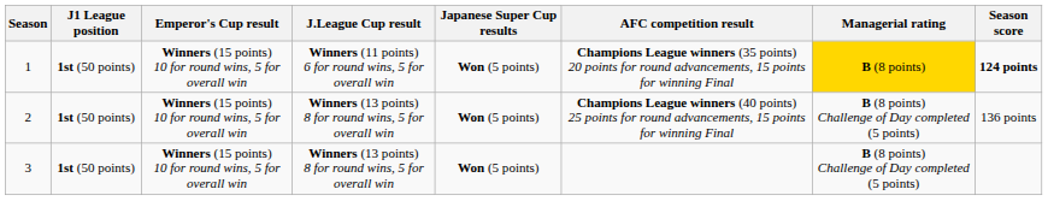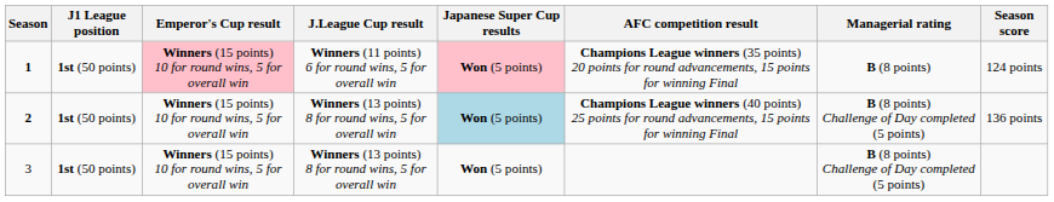 <table class="wikitable" style="text-align:center">
 <tr>
 <th>Season</th>
 <th>J1 League position</th>
 <th>Emperor's Cup result</th>
 <th>J.League Cup result</th>
 <th><strong>Japanese Super Cup results</strong></th>
 <th>AFC competition result</th>
 <th>Managerial rating</th>
 <th>Season score</th>
 </tr>
 <tr>
-<td>1</td>
+<td><strong>1</strong></td>
 <td><strong>1st</strong> (50 points)</td>
-<td><strong>Winners</strong> (15 points)<br><em>10 for round wins, 5 for overall win</em></td>
+<td style="background: pink;"><strong>Winners</strong> (15 points)<br><em>10 for round wins, 5 for overall win</em></td>
 <td><strong>Winners</strong> (11 points)<br><em>6 for round wins, 5 for overall win</em></td>
-<td><strong>Won</strong> (5 points)</td>
+<td style="background: pink;"><strong>Won</strong> (5 points)</td>
 <td><strong>Champions League winners</strong> (35 points)<br><em>20 points for round advancements, 15 points for winning Final</em></td>
-<td style="background: gold;"><strong>B</strong> (8 points)</td>
-<td><strong>124 points</strong></td>
+<td><strong>B</strong> (8 points)</td>
+<td>124 points</td>
 </tr>
 <tr>
-<td>2</td>
+<td><strong>2</strong></td>
 <td><strong>1st</strong> (50 points)</td>
 <td><strong>Winners</strong> (15 points)<br><em>10 for round wins, 5 for overall win</em></td>
 <td><strong>Winners</strong> (13 points)<br><em>8 for round wins, 5 for overall win</em></td>
-<td><strong>Won</strong> (5 points)</td>
+<td style="background: lightblue;"><strong>Won</strong> (5 points)</td>
 <td><strong>Champions League winners</strong> (40 points)<br><em>25 points for round advancements, 15 points for winning Final</em></td>
 <td><strong>B</strong> (8 points)<br><em>Challenge of Day completed</em> (5 points)</td>
 <td>136 points</td>
 </tr>
 <tr>
 <td>3</td>
 <td><strong>1st</strong> (50 points)</td>
 <td><strong>Winners</strong> (15 points)<br><em>10 for round wins, 5 for overall win</em></td>
 <td><strong>Winners</strong> (13 points)<br><em>8 for round wins, 5 for overall win</em></td>
 <td><strong>Won</strong> (5 points)</td>
 <td></td>
 <td><strong>B</strong> (8 points)<br><em>Challenge of Day completed</em> (5 points)</td>
 </tr>
 </table>
